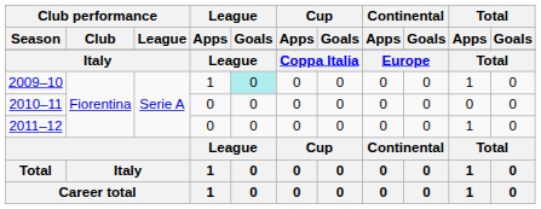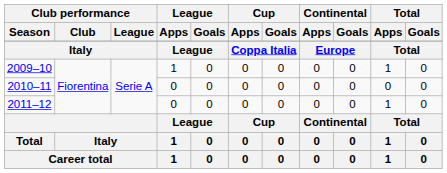 <table class="wikitable" style="text-align:center">
 <tr>
 <th colspan=3>Club performance</th>
 <th colspan=2>League</th>
 <th colspan=2>Cup</th>
 <th colspan=2>Continental</th>
 <th colspan=2>Total</th>
 </tr>
 <tr>
 <th>Season</th>
 <th>Club</th>
 <th>League</th>
 <th>Apps</th>
 <th>Goals</th>
 <th>Apps</th>
 <th>Goals</th>
 <th>Apps</th>
 <th>Goals</th>
 <th>Apps</th>
 <th>Goals</th>
 </tr>
 <tr>
 </tr>
 <tr>
 <th colspan=3>Italy</th>
 <th colspan=2>League</th>
 <th colspan=2><a href='#'>Coppa Italia</a></th>
 <th colspan=2><a href='#'>Europe</a></th>
 <th colspan=2>Total</th>
 </tr>
 <tr>
 <td><a href='#'>2009–10</a></td>
 <td rowspan="3"><a href='#'>Fiorentina</a></td>
 <td rowspan="3"><a href='#'>Serie A</a></td>
 <td>1</td>
-<td style="background: paleturquoise;">0</td>
+<td>0</td>
 <td>0</td>
 <td>0</td>
 <td>0</td>
 <td>0</td>
 <td>1</td>
 <td>0</td>
 </tr>
 <tr>
 <td><a href='#'>2010–11</a></td>
 <td>0</td>
 <td>0</td>
 <td>0</td>
 <td>0</td>
 <td>0</td>
 <td>0</td>
 <td>0</td>
 <td>0</td>
 </tr>
 <tr>
 <td><a href='#'>2011–12</a></td>
 <td>0</td>
 <td>0</td>
 <td>0</td>
 <td>0</td>
 <td>0</td>
 <td>0</td>
 <td>1</td>
 <td>0</td>
 </tr>
 <tr>
 <th colspan=3></th>
 <th colspan=2>League</th>
 <th colspan=2>Cup</th>
 <th colspan=2>Continental</th>
 <th colspan=2>Total</th>
 </tr>
 <tr>
 <th rowspan=1>Total</th>
 <th colspan=2>Italy</th>
 <th>1</th>
 <th>0</th>
 <th>0</th>
 <th>0</th>
 <th>0</th>
 <th>0</th>
 <th>1</th>
 <th>0</th>
 </tr>
 <tr>
 <th colspan=3>Career total</th>
 <th>1</th>
 <th>0</th>
 <th>0</th>
 <th>0</th>
 <th>0</th>
 <th>0</th>
 <th>1</th>
 <th>0</th>
 </tr>
 </table>
